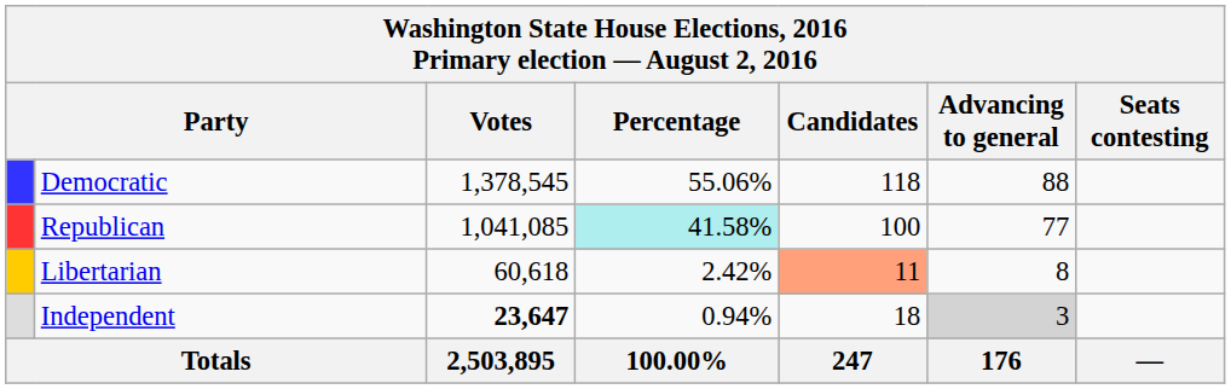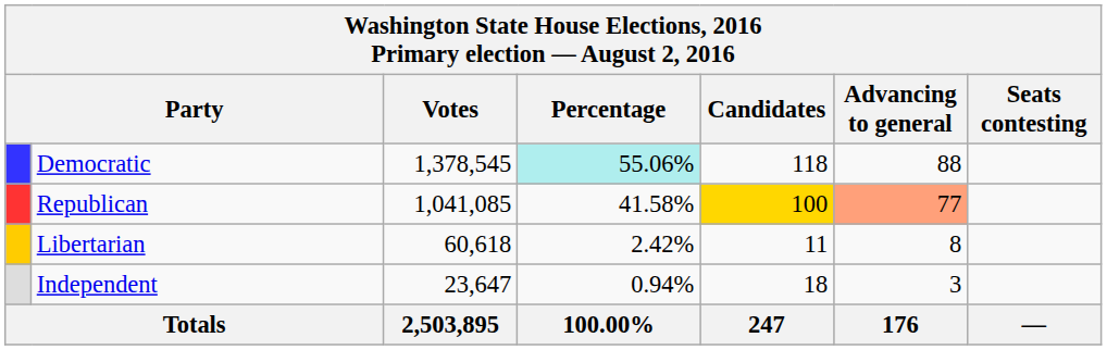 <table class="wikitable" style="font-size: 95%;">
 <tr>
 <th colspan="7">Washington State House Elections, 2016<br>Primary election — August 2, 2016</th>
 </tr>
 <tr>
 <th colspan="2" style="width: 15em">Party</th>
 <th style="width: 5em">Votes</th>
 <th style="width: 7em">Percentage</th>
 <th style="width: 5em">Candidates</th>
 <th style="width: 5em">Advancing to general</th>
 <th style="width: 5em">Seats contesting</th>
 </tr>
 <tr>
 <th style="background-color:#33F; width: 3px"></th>
 <td style="width: 130px"><a href='#'>Democratic</a></td>
 <td align="right">1,378,545</td>
-<td align="right">55.06%</td>
+<td align="right" style="background: paleturquoise;">55.06%</td>
 <td align="right">118</td>
 <td align="right">88</td>
 <td align="right"></td>
 </tr>
 <tr>
 <th style="background-color:#F33; width: 3px"></th>
 <td style="width: 130px"><a href='#'>Republican</a></td>
 <td align="right">1,041,085</td>
-<td align="right" style="background: paleturquoise;">41.58%</td>
-<td align="right">100</td>
-<td align="right">77</td>
+<td align="right">41.58%</td>
+<td align="right" style="background: gold;">100</td>
+<td align="right" style="background: lightsalmon;">77</td>
 <td align="right"></td>
 </tr>
 <tr>
 <th style="background-color:#FC0; width: 3px"></th>
 <td style="width: 130px"><a href='#'>Libertarian</a></td>
 <td align="right">60,618</td>
 <td align="right">2.42%</td>
-<td align="right" style="background: lightsalmon;">11</td>
+<td align="right">11</td>
 <td align="right">8</td>
 <td align="right"></td>
 </tr>
 <tr>
 <th style="background-color:#DDDDDD; width: 3px"></th>
 <td style="width: 130px"><a href='#'>Independent</a></td>
-<td align="right"><strong>23,647</strong></td>
+<td align="right">23,647</td>
 <td align="right">0.94%</td>
 <td align="right">18</td>
-<td align="right" style="background: lightgrey;">3</td>
+<td align="right">3</td>
 <td align="right"></td>
 </tr>
 <tr bgcolor="#EEEEEE">
 <th colspan="2" align="right">Totals</th>
 <th align="right">2,503,895</th>
 <th align="right">100.00%</th>
 <th align="right">247</th>
 <th align="right">176</th>
 <th align="right">—</th>
 </tr>
 </table>
